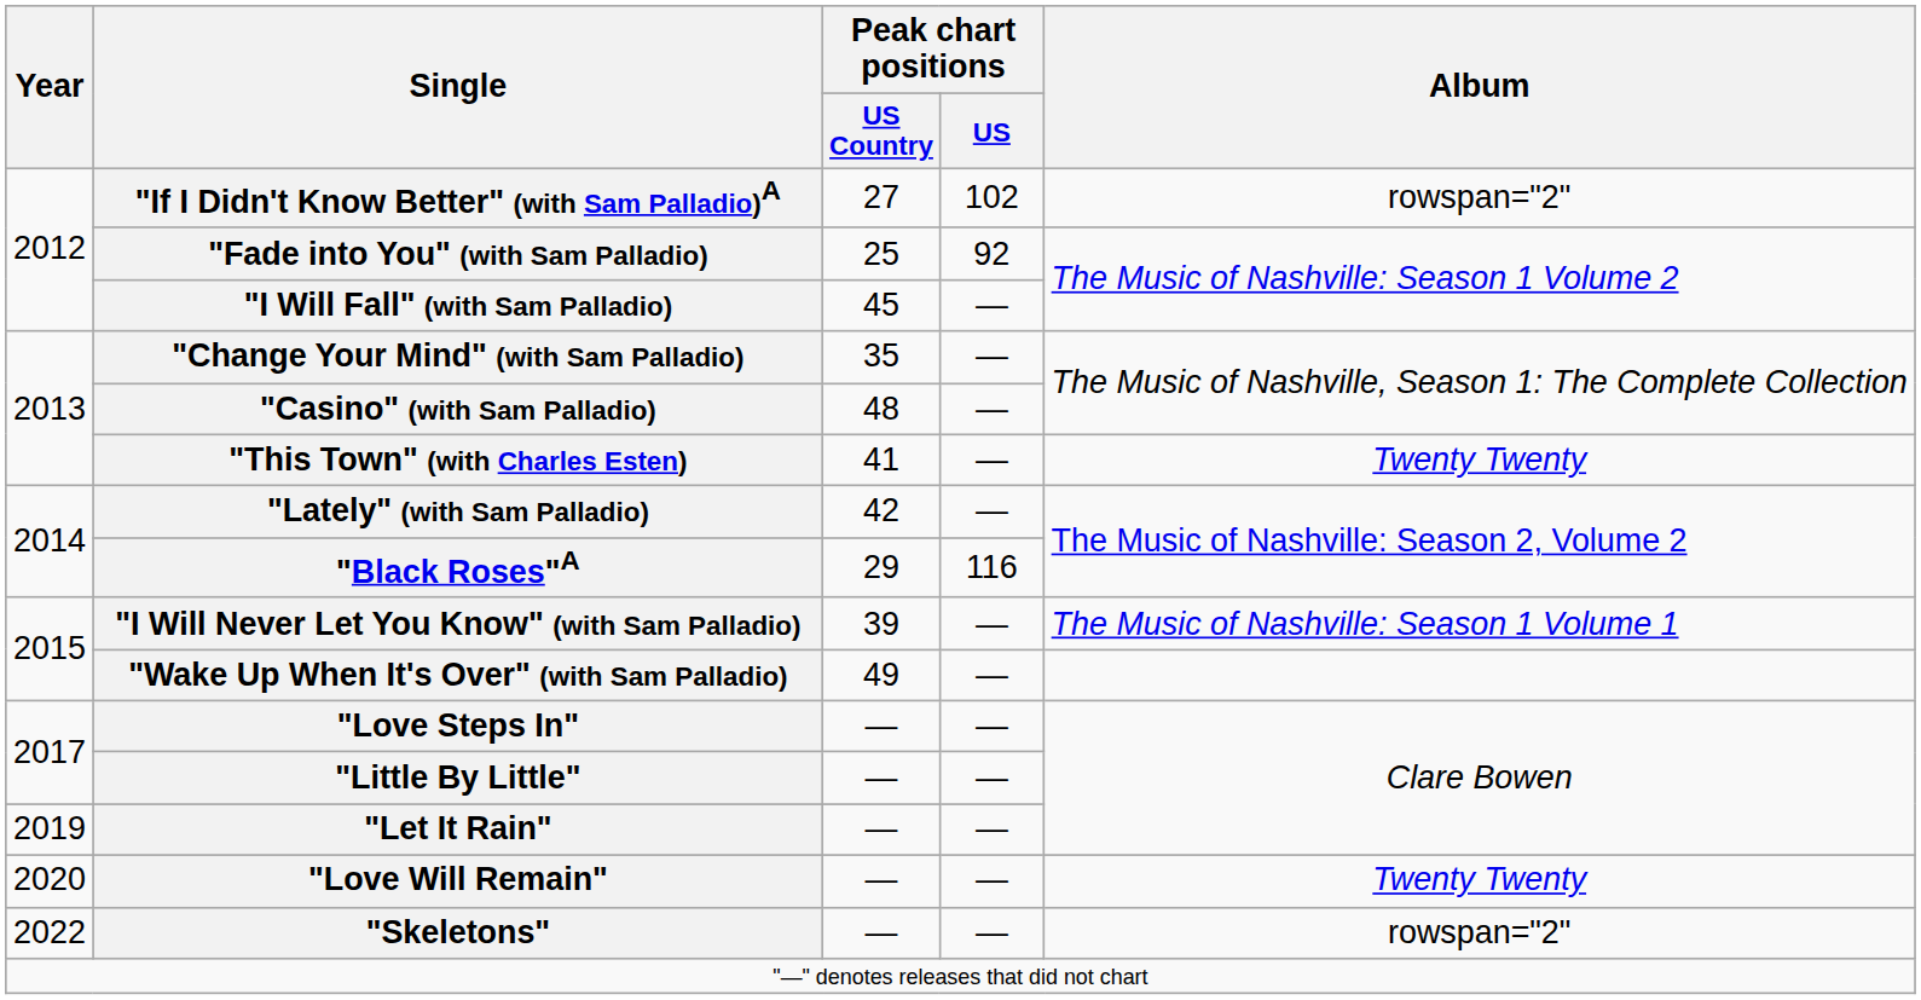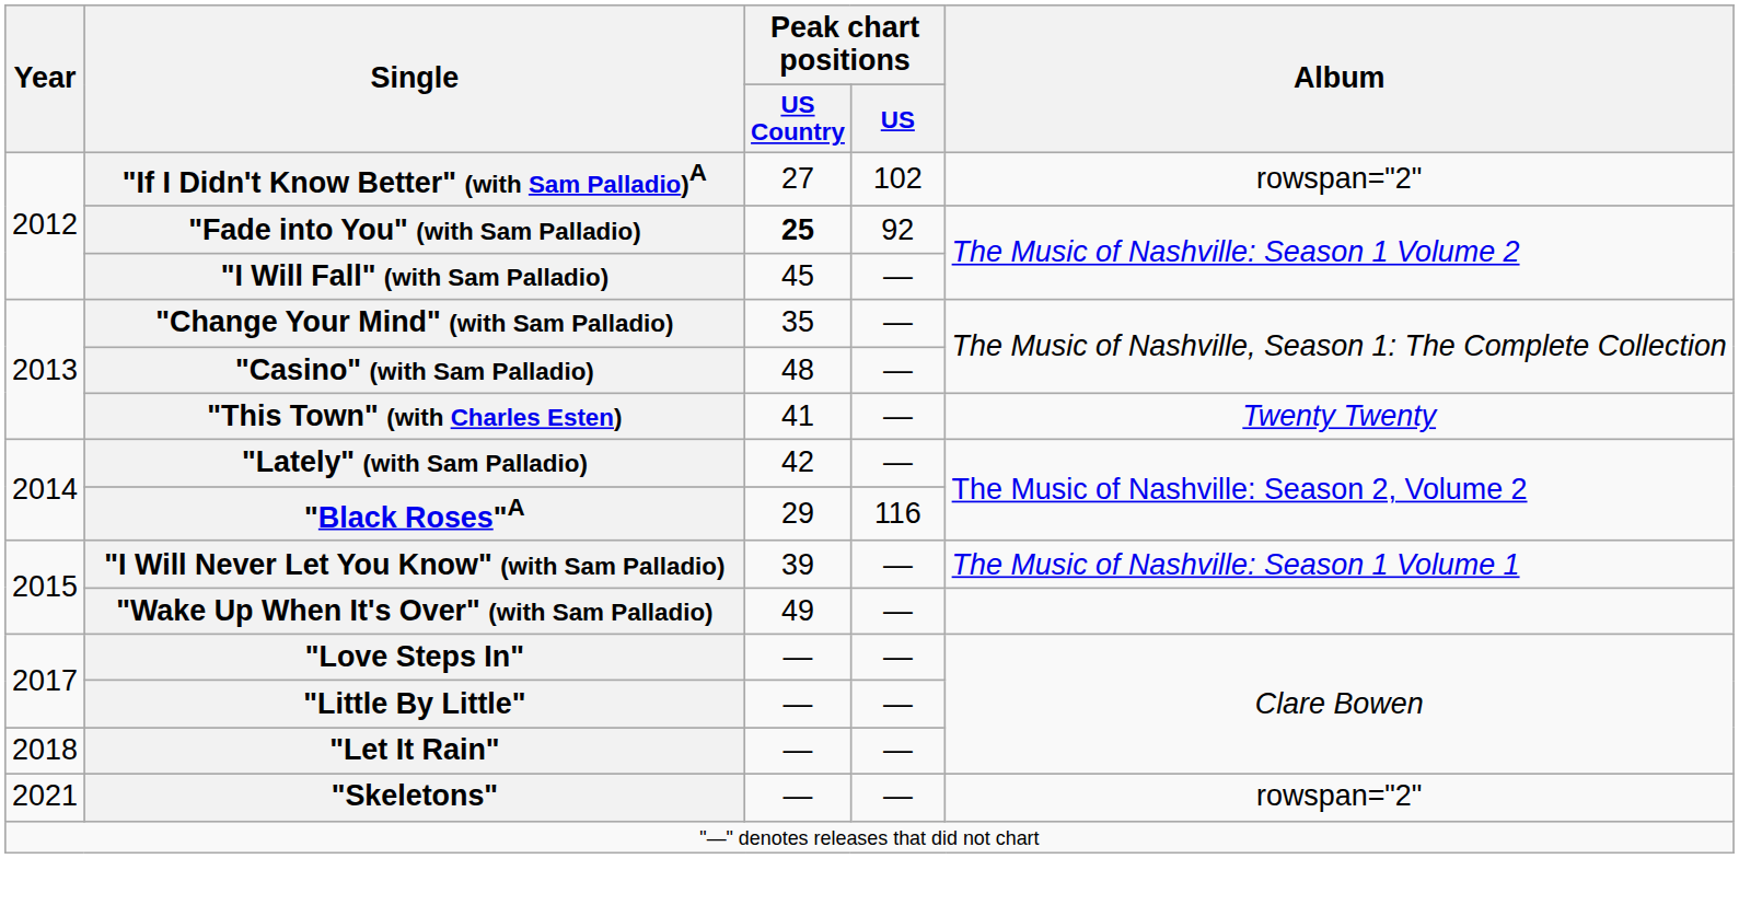 <table class="wikitable plainrowheaders" style="text-align:center;">
 <tr>
 <th rowspan="2">Year</th>
 <th rowspan="2" style="width:22em;">Single</th>
 <th colspan="2">Peak chart<br>positions</th>
 <th rowspan="2">Album</th>
 </tr>
 <tr style="font-size:smaller;">
 <th style="width:45px;"><a href='#'>US Country</a><br></th>
 <th style="width:45px;"><a href='#'>US</a><br></th>
 </tr>
 <tr>
 <td rowspan="3">2012</td>
 <th scope="row">"If I Didn't Know Better" <small>(with <a href='#'>Sam Palladio</a>)</small><sup>A</sup></th>
 <td>27</td>
 <td>102</td>
 <td>rowspan="2" </td>
 </tr>
 <tr>
 <th scope="row">"Fade into You" <small>(with Sam Palladio)</small></th>
-<td>25</td>
+<td><strong>25</strong></td>
 <td>92</td>
 <td style="text-align:left;" rowspan="2"><em><a href='#'>The Music of Nashville: Season 1 Volume 2</a></em></td>
 </tr>
 <tr>
 <th scope="row">"I Will Fall" <small>(with Sam Palladio)</small></th>
 <td>45</td>
 <td>—</td>
 </tr>
 <tr>
 <td rowspan="3">2013</td>
 <th scope="row">"Change Your Mind" <small>(with Sam Palladio)</small></th>
 <td>35</td>
 <td>—</td>
 <td style="text-align:left;" rowspan="2"><em>The Music of Nashville, Season 1: The Complete Collection</em></td>
 </tr>
 <tr>
 <th scope="row">"Casino" <small>(with Sam Palladio)</small></th>
 <td>48</td>
 <td>—</td>
 </tr>
 <tr>
 <th scope="row">"This Town" <small>(with <a href='#'>Charles Esten</a>)</small></th>
 <td>41</td>
 <td>—</td>
 <td><em><a href='#'>Twenty Twenty</a></em></td>
 </tr>
 <tr>
 <td rowspan="2">2014</td>
 <th scope="row">"Lately" <small>(with Sam Palladio)</small></th>
 <td>42</td>
 <td>—</td>
 <td style="text-align:left;" rowspan="2"><a href='#'>The Music of Nashville: Season 2, Volume 2</a></td>
 </tr>
 <tr>
 <th scope="row">"<a href='#'>Black Roses</a>"<sup>A</sup></th>
 <td>29</td>
 <td>116</td>
 </tr>
 <tr>
 <td rowspan="2">2015</td>
 <th scope="row">"I Will Never Let You Know" <small>(with Sam Palladio)</small></th>
 <td>39</td>
 <td>—</td>
 <td style="text-align:left;"><em><a href='#'>The Music of Nashville: Season 1 Volume 1</a></em></td>
 </tr>
 <tr>
 <th scope="row">"Wake Up When It's Over" <small>(with Sam Palladio)</small></th>
 <td>49</td>
 <td>—</td>
 </tr>
 <tr>
 <td rowspan="2">2017</td>
 <th scope="row">"Love Steps In"</th>
 <td>—</td>
 <td>—</td>
 <td rowspan=3><em>Clare Bowen</em></td>
 </tr>
 <tr>
 <th scope="row">"Little By Little"</th>
 <td>—</td>
 <td>—</td>
 </tr>
 <tr>
-<td>2019</td>
+<td>2018</td>
 <th scope="row">"Let It Rain"</th>
 <td>—</td>
 <td>—</td>
 </tr>
 <tr>
-<td>2020</td>
-<th scope="row">"Love Will Remain" </th>
-<td>—</td>
-<td>—</td>
-<td><em><a href='#'>Twenty Twenty</a></em></td>
-</tr>
-<tr>
-<td>2022</td>
+<td>2021</td>
 <th scope="row">"Skeletons"</th>
 <td>—</td>
 <td>—</td>
 <td>rowspan="2" </td>
 </tr>
 <tr>
 <td colspan="5" style="font-size:8pt">"—" denotes releases that did not chart</td>
 </tr>
 </table>
